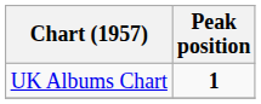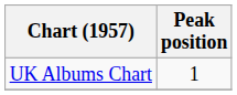 <table class="wikitable sortable">
 <tr>
 <th>Chart (1957)</th>
 <th>Peak<br>position</th>
 </tr>
 <tr>
 <td align="left"><a href='#'>UK Albums Chart</a></td>
-<td align="center"><strong>1</strong></td>
+<td align="center">1</td>
 </tr>
 <tr>
 </tr>
 </table>
